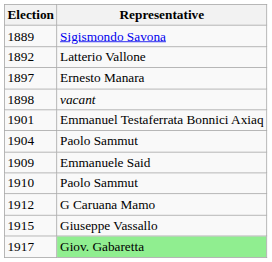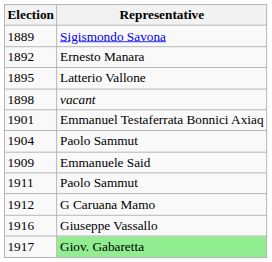 <table class="wikitable">
 <tr>
 <th>Election</th>
 <th>Representative</th>
 </tr>
 <tr>
 <td>1889</td>
 <td><a href='#'>Sigismondo Savona</a></td>
 </tr>
 <tr>
 <td>1892</td>
-<td>Latterio Vallone</td>
+<td>Ernesto Manara</td>
 </tr>
 <tr>
-<td>1897</td>
-<td>Ernesto Manara</td>
+<td>1895</td>
+<td>Latterio Vallone</td>
 </tr>
 <tr>
 <td>1898</td>
 <td><em>vacant</em></td>
 </tr>
 <tr>
 <td>1901</td>
 <td>Emmanuel Testaferrata Bonnici Axiaq</td>
 </tr>
 <tr>
 <td>1904</td>
 <td>Paolo Sammut</td>
 </tr>
 <tr>
 <td>1909</td>
 <td>Emmanuele Said</td>
 </tr>
 <tr>
-<td>1910</td>
+<td>1911</td>
 <td>Paolo Sammut</td>
 </tr>
 <tr>
 <td>1912</td>
 <td>G Caruana Mamo</td>
 </tr>
 <tr>
-<td>1915</td>
+<td>1916</td>
 <td>Giuseppe Vassallo</td>
 </tr>
 <tr>
 <td>1917</td>
 <td style="background: lightgreen;">Giov. Gabaretta</td>
 </tr>
 </table>
